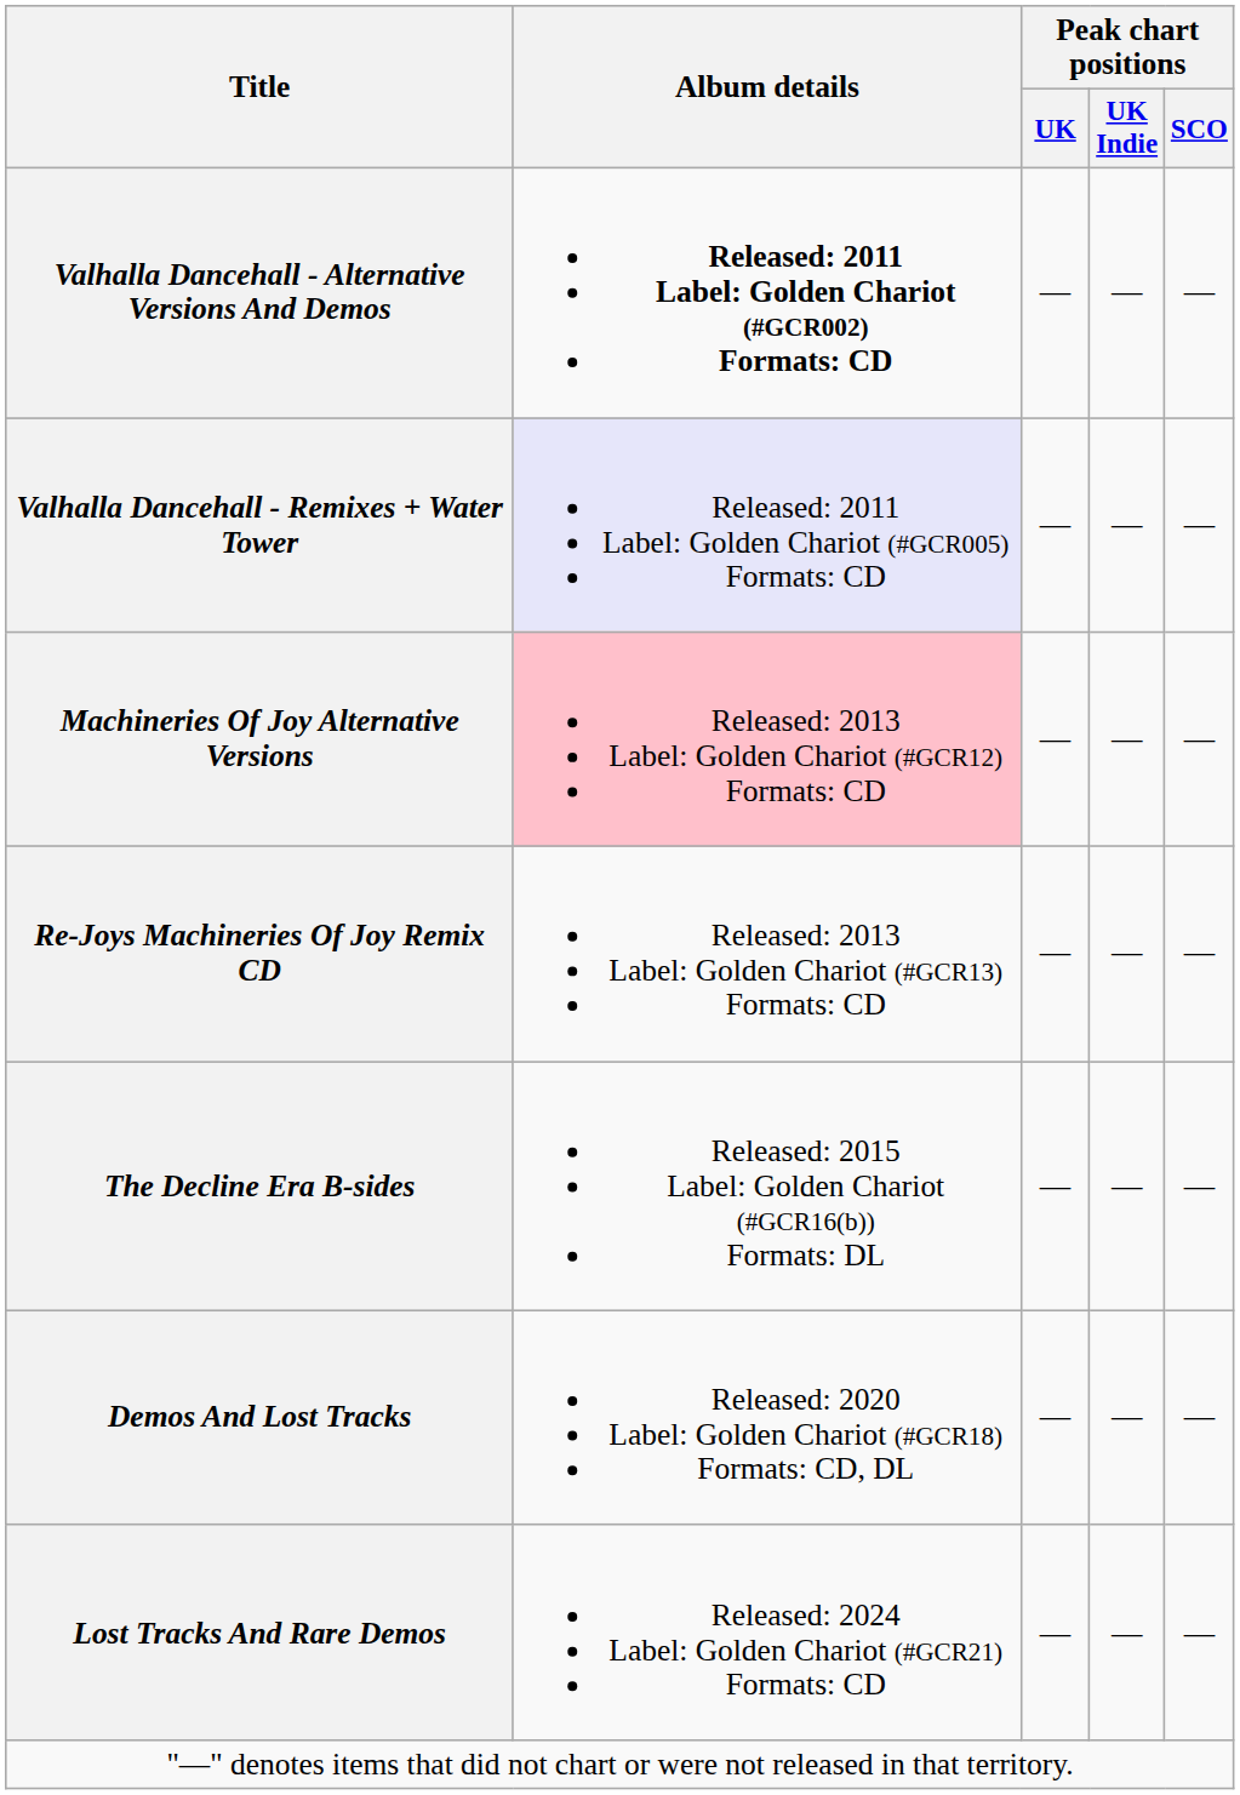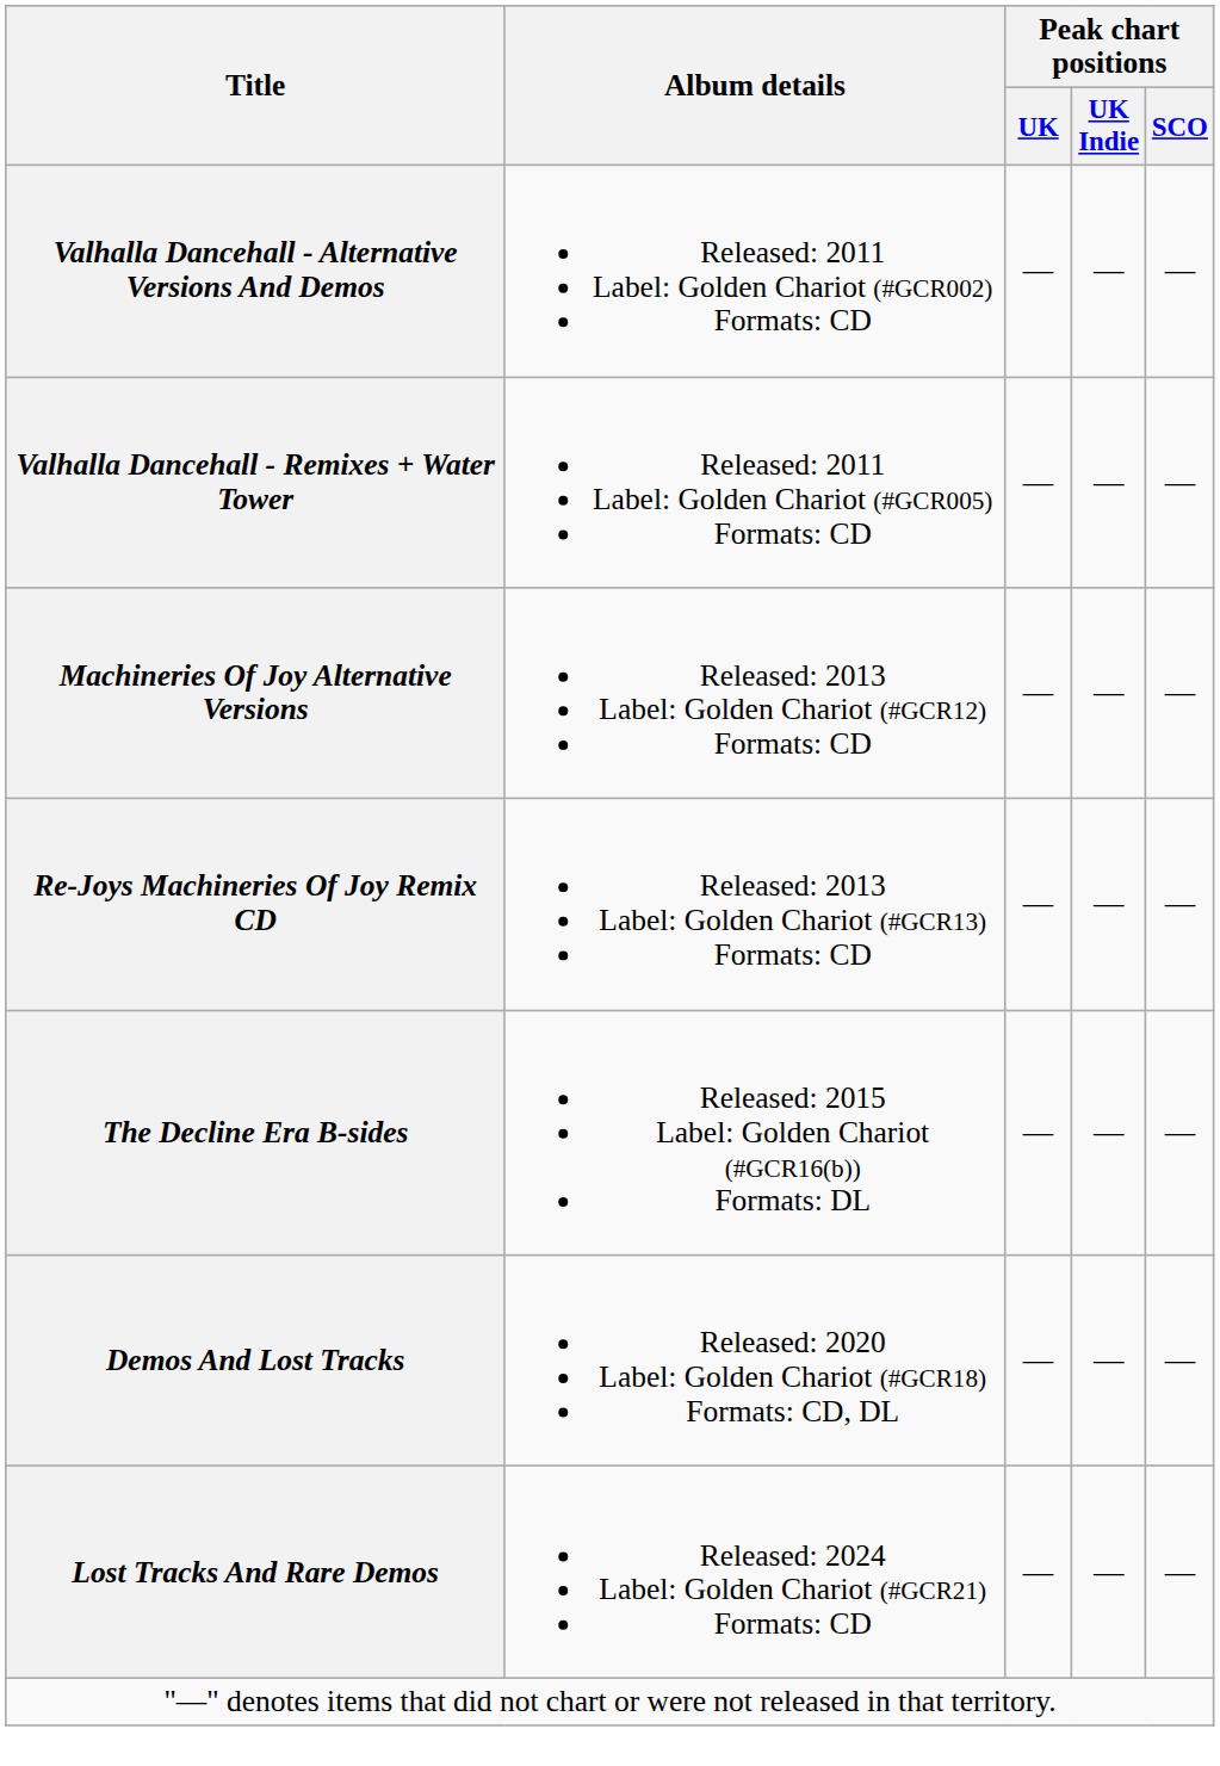 <table class="wikitable plainrowheaders" style="text-align:center;">
 <tr>
 <th scope="col" rowspan="2" style="width:16em;">Title</th>
 <th scope="col" rowspan="2" style="width:16em;">Album details</th>
 <th scope="col" colspan="3">Peak chart positions</th>
 </tr>
 <tr>
 <th style="width:2em;font-size:90%;"><a href='#'>UK</a><br></th>
 <th style="width:2em;font-size:90%;"><a href='#'>UK<br>Indie</a><br></th>
 <th style="width:2em;font-size:90%;"><a href='#'>SCO</a><br></th>
 </tr>
 <tr>
 <th scope="row"><em>Valhalla Dancehall - Alternative Versions And Demos</em></th>
-<td><strong><br><ul><li>Released: 2011</li><li>Label: Golden Chariot <small>(#GCR002)</small></li><li>Formats: CD</li></ul></strong></td>
+<td><br><ul><li>Released: 2011</li><li>Label: Golden Chariot <small>(#GCR002)</small></li><li>Formats: CD</li></ul></td>
 <td>—</td>
 <td>—</td>
 <td>—</td>
 </tr>
 <tr>
 <th scope="row"><em>Valhalla Dancehall - Remixes + Water Tower</em></th>
-<td style="background: lavender;"><br><ul><li>Released: 2011</li><li>Label: Golden Chariot <small>(#GCR005)</small></li><li>Formats: CD</li></ul></td>
+<td><br><ul><li>Released: 2011</li><li>Label: Golden Chariot <small>(#GCR005)</small></li><li>Formats: CD</li></ul></td>
 <td>—</td>
 <td>—</td>
 <td>—</td>
 </tr>
 <tr>
 <th scope="row"><em>Machineries Of Joy Alternative Versions</em></th>
-<td style="background: pink;"><br><ul><li>Released: 2013</li><li>Label: Golden Chariot <small>(#GCR12)</small></li><li>Formats: CD</li></ul></td>
+<td><br><ul><li>Released: 2013</li><li>Label: Golden Chariot <small>(#GCR12)</small></li><li>Formats: CD</li></ul></td>
 <td>—</td>
 <td>—</td>
 <td>—</td>
 </tr>
 <tr>
 <th scope="row"><em>Re-Joys Machineries Of Joy Remix CD</em></th>
 <td><br><ul><li>Released: 2013</li><li>Label: Golden Chariot <small>(#GCR13)</small></li><li>Formats: CD</li></ul></td>
 <td>—</td>
 <td>—</td>
 <td>—</td>
 </tr>
 <tr>
 <th scope="row"><em>The Decline Era B-sides</em></th>
 <td><br><ul><li>Released: 2015</li><li>Label: Golden Chariot <small>(#GCR16(b))</small></li><li>Formats: DL</li></ul></td>
 <td>—</td>
 <td>—</td>
 <td>—</td>
 </tr>
 <tr>
 <th scope="row"><em>Demos And Lost Tracks</em></th>
 <td><br><ul><li>Released: 2020</li><li>Label: Golden Chariot <small>(#GCR18)</small></li><li>Formats: CD, DL</li></ul></td>
 <td>—</td>
 <td>—</td>
 <td>—</td>
 </tr>
 <tr>
 <th scope="row"><em>Lost Tracks And Rare Demos</em></th>
 <td><br><ul><li>Released: 2024</li><li>Label: Golden Chariot <small>(#GCR21)</small></li><li>Formats: CD</li></ul></td>
 <td>—</td>
 <td>—</td>
 <td>—</td>
 </tr>
 <tr>
 <td style="text-align:center;" colspan="15" style="font-size:90%">"—" denotes items that did not chart or were not released in that territory.</td>
 </tr>
 </table>
